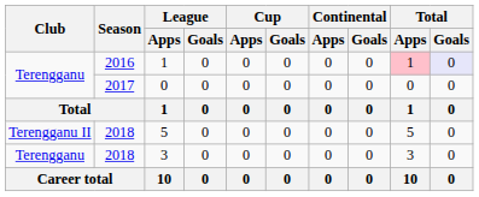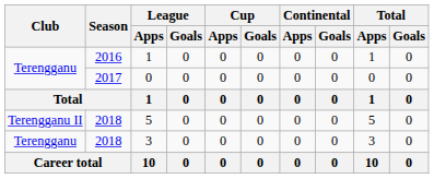 <table class="wikitable" style="text-align: center;">
 <tr>
 <th rowspan="2">Club</th>
 <th rowspan="2">Season</th>
 <th colspan="2">League</th>
 <th colspan="2">Cup</th>
 <th colspan="2">Continental</th>
 <th colspan="2">Total</th>
 </tr>
 <tr>
 <th>Apps</th>
 <th>Goals</th>
 <th>Apps</th>
 <th>Goals</th>
 <th>Apps</th>
 <th>Goals</th>
 <th>Apps</th>
 <th>Goals</th>
 </tr>
 <tr>
 <td rowspan="2" valign="center"><a href='#'>Terengganu</a></td>
 <td !colspan="3"><a href='#'>2016</a></td>
 <td>1</td>
 <td>0</td>
 <td 0>0</td>
 <td>0</td>
 <td>0</td>
 <td>0</td>
-<td style="background: pink;">1</td>
-<td style="background: lavender;">0</td>
+<td>1</td>
+<td>0</td>
 </tr>
 <tr>
 <td !colspan="3"><a href='#'>2017</a></td>
 <td>0</td>
 <td>0</td>
 <td>0</td>
 <td>0</td>
 <td>0</td>
 <td>0</td>
 <td>0</td>
 <td>0</td>
 </tr>
 <tr>
 <th colspan=2>Total</th>
 <th>1</th>
 <th>0</th>
 <th>0</th>
 <th>0</th>
 <th>0</th>
 <th>0</th>
 <th>1</th>
 <th>0</th>
 </tr>
 <tr>
 <td rowspan="1" valign="center"><a href='#'>Terengganu II</a></td>
 <td !colspan="3"><a href='#'>2018</a></td>
 <td>5</td>
 <td>0</td>
 <td 0>0</td>
 <td>0</td>
 <td>0</td>
 <td>0</td>
 <td>5</td>
 <td>0</td>
 </tr>
 <tr>
 <td rowspan="1" valign="center"><a href='#'>Terengganu</a></td>
 <td !colspan="3"><a href='#'>2018</a></td>
 <td>3</td>
 <td>0</td>
 <td 0>0</td>
 <td>0</td>
 <td>0</td>
 <td>0</td>
 <td>3</td>
 <td>0</td>
 </tr>
 <tr>
 <th colspan="2">Career total</th>
 <th>10</th>
 <th>0</th>
 <th>0</th>
 <th>0</th>
 <th>0</th>
 <th>0</th>
 <th>10</th>
 <th>0</th>
 </tr>
 </table>
